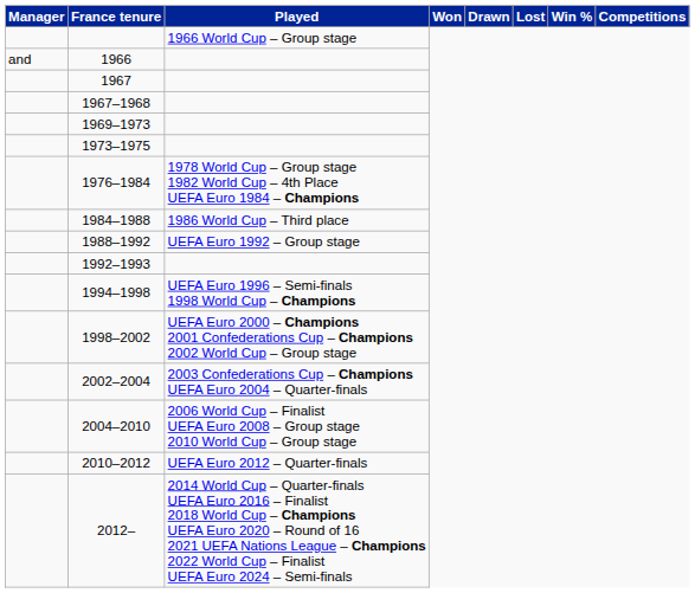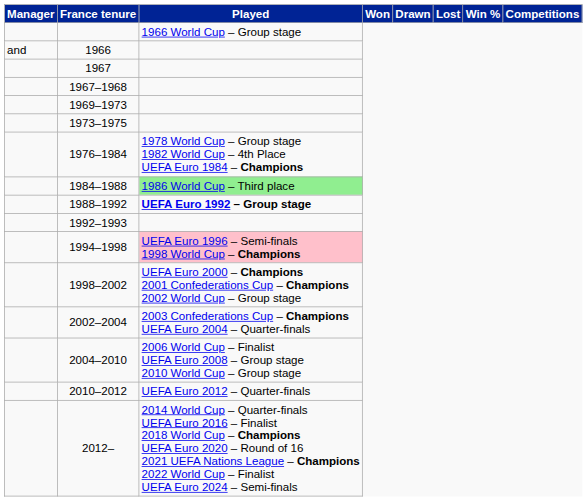 <table class="wikitable plainrowheaders" style="text-align:center; font-size: 95%; border: 1px; text-align: middle; width=100%">
 <tr>
 <th style="background:#002395; color:white; ">Manager</th>
 <th style="background:#002395; color:white; ">France tenure</th>
 <th style="background:#002395; color:white; ">Played</th>
 <th style="background:#002395; color:white; ">Won</th>
 <th style="background:#002395; color:white; ">Drawn</th>
 <th style="background:#002395; color:white; ">Lost</th>
 <th style="background:#002395; color:white; ">Win %</th>
 <th style="background:#002395; color:white; ">Competitions</th>
 </tr>
 <tr>
 <td style="text-align: left;"> </td>
 <td><br></td>
 <td style="text-align: left;"><a href='#'>1966 World Cup</a> – Group stage</td>
 </tr>
 <tr>
 <td style="text-align: left;"><em> </em> and <em> </em></td>
 <td>1966<br></td>
 <td></td>
 </tr>
 <tr>
 <td style="text-align: left;"><em> </em></td>
 <td>1967<br></td>
 <td></td>
 </tr>
 <tr>
 <td style="text-align: left;"> </td>
 <td>1967–1968<br></td>
 <td></td>
 </tr>
 <tr>
 <td style="text-align: left;"> </td>
 <td>1969–1973<br></td>
 <td></td>
 </tr>
 <tr>
 <td style="text-align: left;"> </td>
 <td>1973–1975<br></td>
 <td></td>
 </tr>
 <tr>
 <td style="text-align: left;"> </td>
 <td>1976–1984<br></td>
 <td style="text-align: left;"><a href='#'>1978 World Cup</a> – Group stage<br><a href='#'>1982 World Cup</a> – 4th Place<br><a href='#'>UEFA Euro 1984</a> – <strong>Champions</strong></td>
 </tr>
 <tr>
 <td style="text-align: left;"> </td>
 <td>1984–1988<br></td>
-<td style="text-align: left;"><a href='#'>1986 World Cup</a> – Third place</td>
+<td style="background: lightgreen; text-align: left;"><a href='#'>1986 World Cup</a> – Third place</td>
 </tr>
 <tr>
 <td style="text-align: left;"> </td>
 <td>1988–1992<br></td>
-<td style="text-align: left;"><a href='#'>UEFA Euro 1992</a> – Group stage</td>
+<td style="text-align: left;"><strong><a href='#'>UEFA Euro 1992</a> – Group stage</strong></td>
 </tr>
 <tr>
 <td style="text-align: left;"> </td>
 <td>1992–1993<br></td>
 <td></td>
 </tr>
 <tr>
 <td style="text-align: left;"> </td>
 <td>1994–1998<br></td>
-<td style="text-align: left;"><a href='#'>UEFA Euro 1996</a> – Semi-finals<br><a href='#'>1998 World Cup</a> – <strong>Champions</strong></td>
+<td style="background: pink; text-align: left;"><a href='#'>UEFA Euro 1996</a> – Semi-finals<br><a href='#'>1998 World Cup</a> – <strong>Champions</strong></td>
 </tr>
 <tr>
 <td style="text-align: left;"> </td>
 <td>1998–2002<br></td>
 <td style="text-align: left;"><a href='#'>UEFA Euro 2000</a> – <strong>Champions</strong><br><a href='#'>2001 Confederations Cup</a> – <strong>Champions</strong><br><a href='#'>2002 World Cup</a> – Group stage</td>
 </tr>
 <tr>
 <td style="text-align: left;"> </td>
 <td>2002–2004<br></td>
 <td style="text-align: left;"><a href='#'>2003 Confederations Cup</a> – <strong>Champions</strong><br><a href='#'>UEFA Euro 2004</a> – Quarter-finals</td>
 </tr>
 <tr>
 <td style="text-align: left;"> </td>
 <td>2004–2010<br></td>
 <td style="text-align: left;"><a href='#'>2006 World Cup</a> – Finalist<br><a href='#'>UEFA Euro 2008</a> – Group stage<br><a href='#'>2010 World Cup</a> – Group stage</td>
 </tr>
 <tr>
 <td style="text-align: left;"> </td>
 <td>2010–2012<br></td>
 <td style="text-align: left;"><a href='#'>UEFA Euro 2012</a> – Quarter-finals</td>
 </tr>
 <tr>
 <td style="text-align: left;"> </td>
 <td>2012–<br></td>
 <td style="text-align: left;"><a href='#'>2014 World Cup</a> – Quarter-finals<br><a href='#'>UEFA Euro 2016</a> – Finalist<br><a href='#'>2018 World Cup</a> – <strong>Champions</strong><br><a href='#'>UEFA Euro 2020</a> – Round of 16<br><a href='#'>2021 UEFA Nations League</a> – <strong>Champions</strong><br><a href='#'>2022 World Cup</a> – Finalist<br><a href='#'>UEFA Euro 2024</a> – Semi-finals</td>
 </tr>
 </table>
